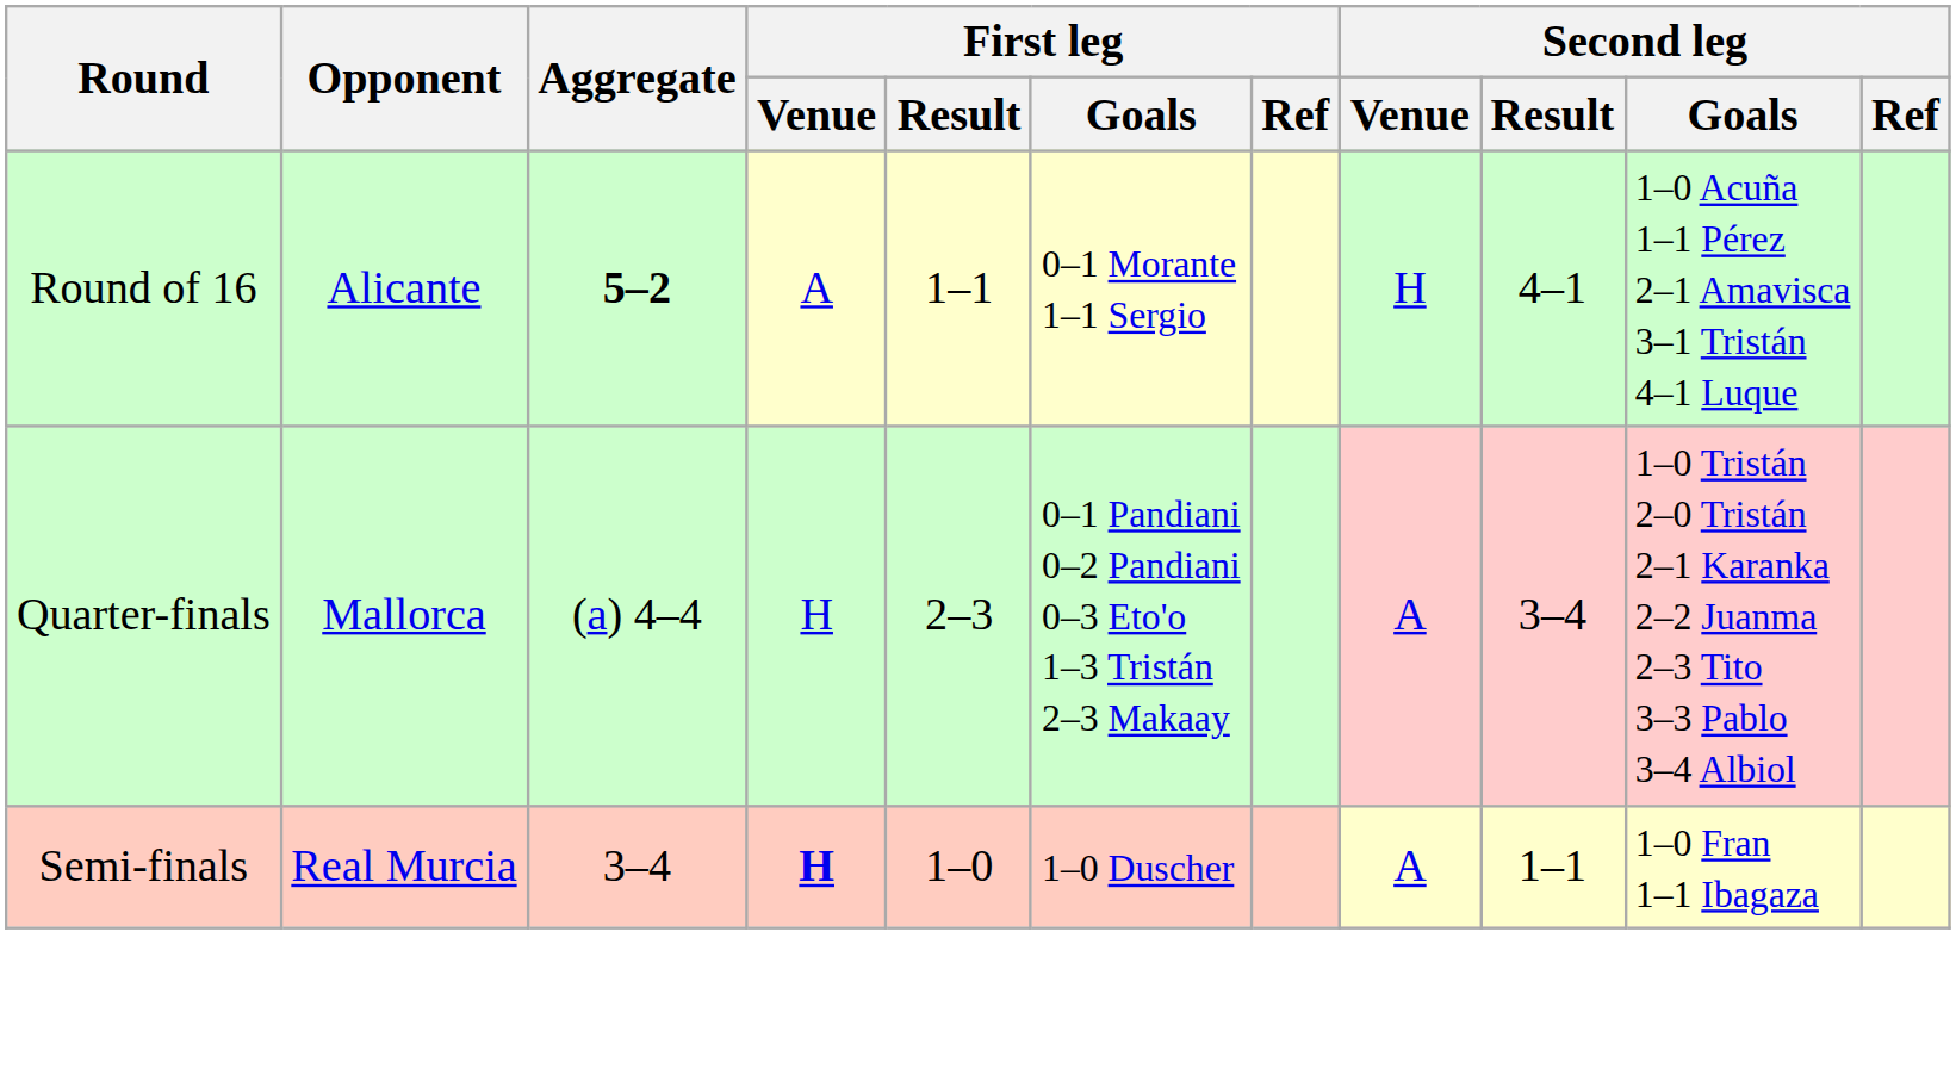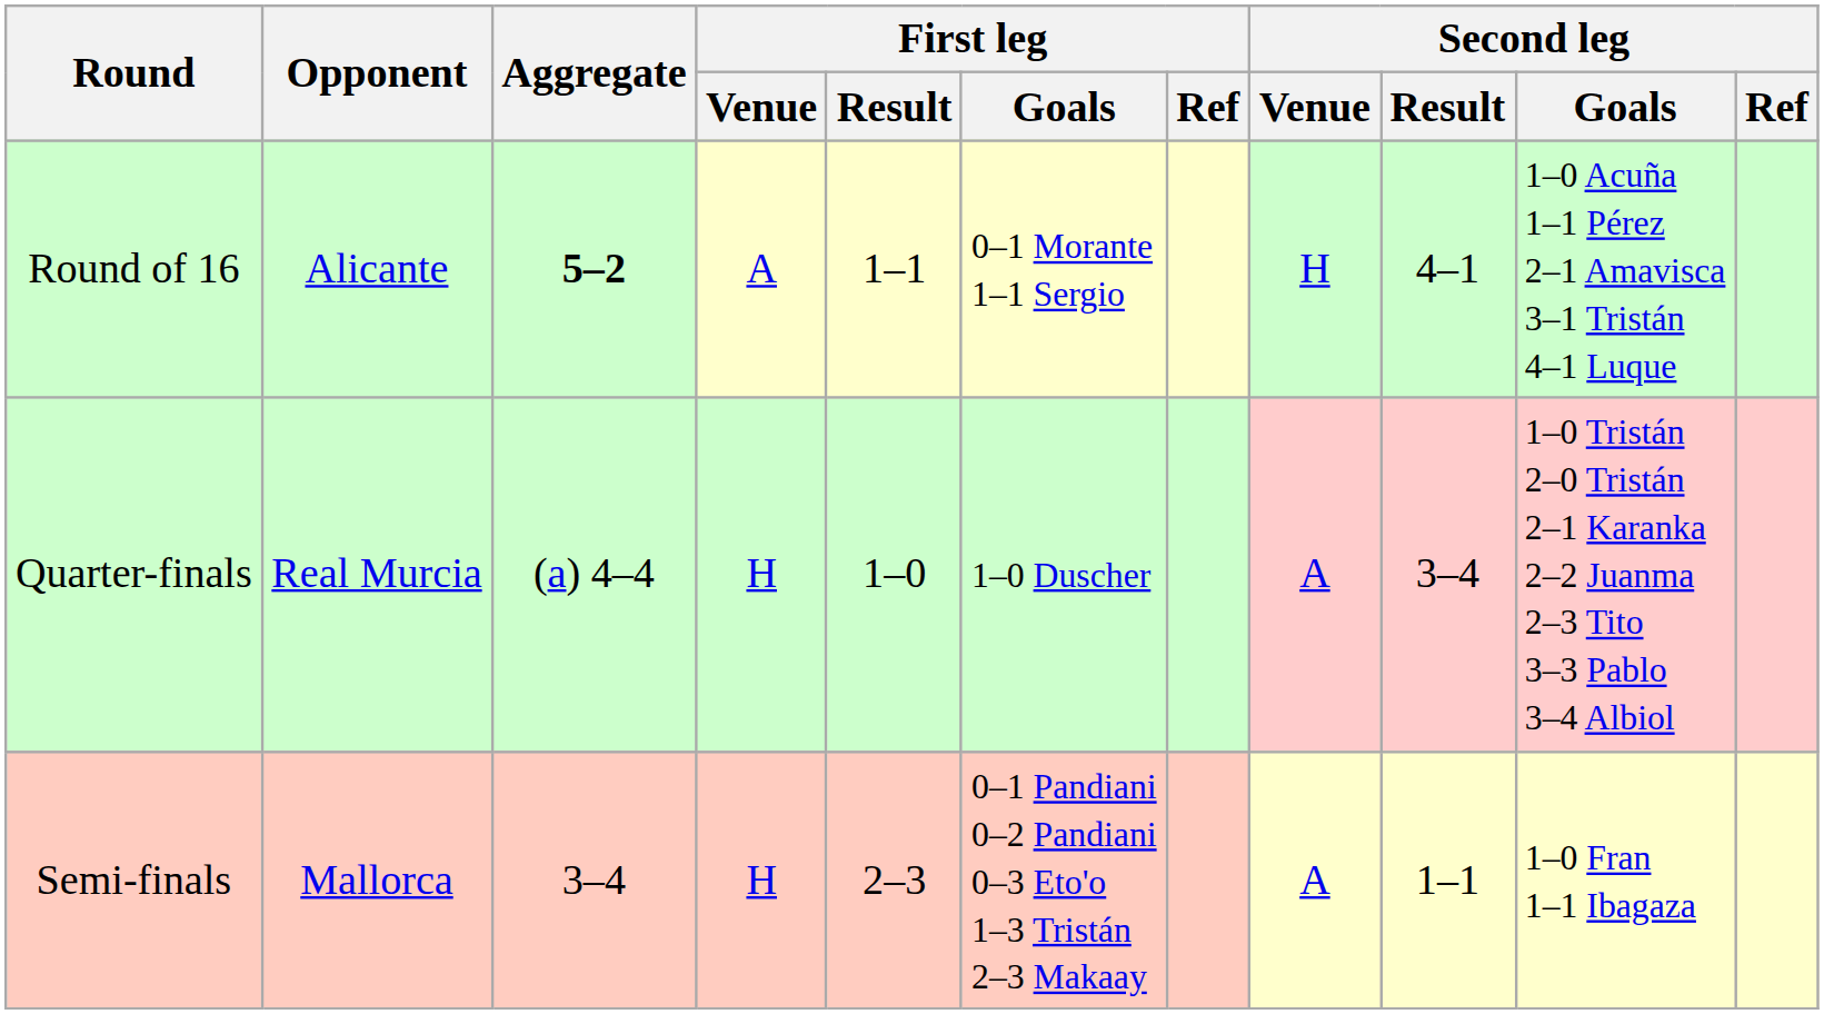 <table class="wikitable" style="font-size:100%; text-align:center">
 <tr>
 <th rowspan="2">Round</th>
 <th rowspan="2">Opponent</th>
 <th rowspan="2">Aggregate</th>
 <th colspan="4">First leg</th>
 <th colspan="4">Second leg</th>
 </tr>
 <tr>
 <th>Venue</th>
 <th>Result</th>
 <th>Goals</th>
 <th>Ref</th>
 <th>Venue</th>
 <th>Result</th>
 <th>Goals</th>
 <th>Ref</th>
 </tr>
 <tr bgcolor= CCFFCC>
 <td>Round of 16</td>
 <td><a href='#'>Alicante</a></td>
 <td><strong>5–2</strong></td>
 <td bgcolor="#FFFFCC"><a href='#'>A</a></td>
 <td bgcolor="#FFFFCC">1–1</td>
 <td bgcolor="#FFFFCC" align="left"><small>0–1  <a href='#'>Morante</a><br>1–1  <a href='#'>Sergio</a></small></td>
 <td bgcolor="#FFFFCC"></td>
 <td><a href='#'>H</a></td>
 <td>4–1</td>
 <td align="left"><small>1–0  <a href='#'>Acuña</a><br>1–1  <a href='#'>Pérez</a><br>2–1  <a href='#'>Amavisca</a><br>3–1  <a href='#'>Tristán</a><br>4–1  <a href='#'>Luque</a></small></td>
 <td></td>
 </tr>
 <tr bgcolor= CCFFCC>
 <td>Quarter-finals</td>
-<td><a href='#'>Mallorca</a></td>
+<td><a href='#'>Real Murcia</a></td>
 <td>(<a href='#'>a</a>) 4–4</td>
 <td><a href='#'>H</a></td>
-<td>2–3</td>
-<td align="left"><small>0–1  <a href='#'>Pandiani</a><br>0–2  <a href='#'>Pandiani</a><br>0–3  <a href='#'>Eto'o</a><br>1–3  <a href='#'>Tristán</a><br>2–3  <a href='#'>Makaay</a></small></td>
+<td>1–0</td>
+<td align="left"><small>1–0  <a href='#'>Duscher</a></small></td>
 <td></td>
 <td bgcolor="#FFCCCC"><a href='#'>A</a></td>
 <td bgcolor="#FFCCCC">3–4</td>
 <td bgcolor="#FFCCCC" align="left"><small>1–0  <a href='#'>Tristán</a><br>2–0  <a href='#'>Tristán</a><br>2–1  <a href='#'>Karanka</a><br>2–2  <a href='#'>Juanma</a><br>2–3  <a href='#'>Tito</a><br>3–3  <a href='#'>Pablo</a><br>3–4  <a href='#'>Albiol</a></small></td>
 <td bgcolor="#FFCCCC"></td>
 </tr>
 <tr bgcolor= FFCCCCC>
 <td>Semi-finals</td>
-<td><a href='#'>Real Murcia</a></td>
+<td><a href='#'>Mallorca</a></td>
 <td>3–4</td>
-<td><strong><a href='#'>H</a></strong></td>
-<td>1–0</td>
-<td align="left"><small>1–0  <a href='#'>Duscher</a></small></td>
+<td><a href='#'>H</a></td>
+<td>2–3</td>
+<td align="left"><small>0–1  <a href='#'>Pandiani</a><br>0–2  <a href='#'>Pandiani</a><br>0–3  <a href='#'>Eto'o</a><br>1–3  <a href='#'>Tristán</a><br>2–3  <a href='#'>Makaay</a></small></td>
 <td></td>
 <td bgcolor="#FFFFCC"><a href='#'>A</a></td>
 <td bgcolor="#FFFFCC">1–1</td>
 <td bgcolor="#FFFFCC" align="left"><small>1–0  <a href='#'>Fran</a><br>1–1  <a href='#'>Ibagaza</a></small></td>
 <td bgcolor="#FFFFCC"></td>
 </tr>
 </table>
